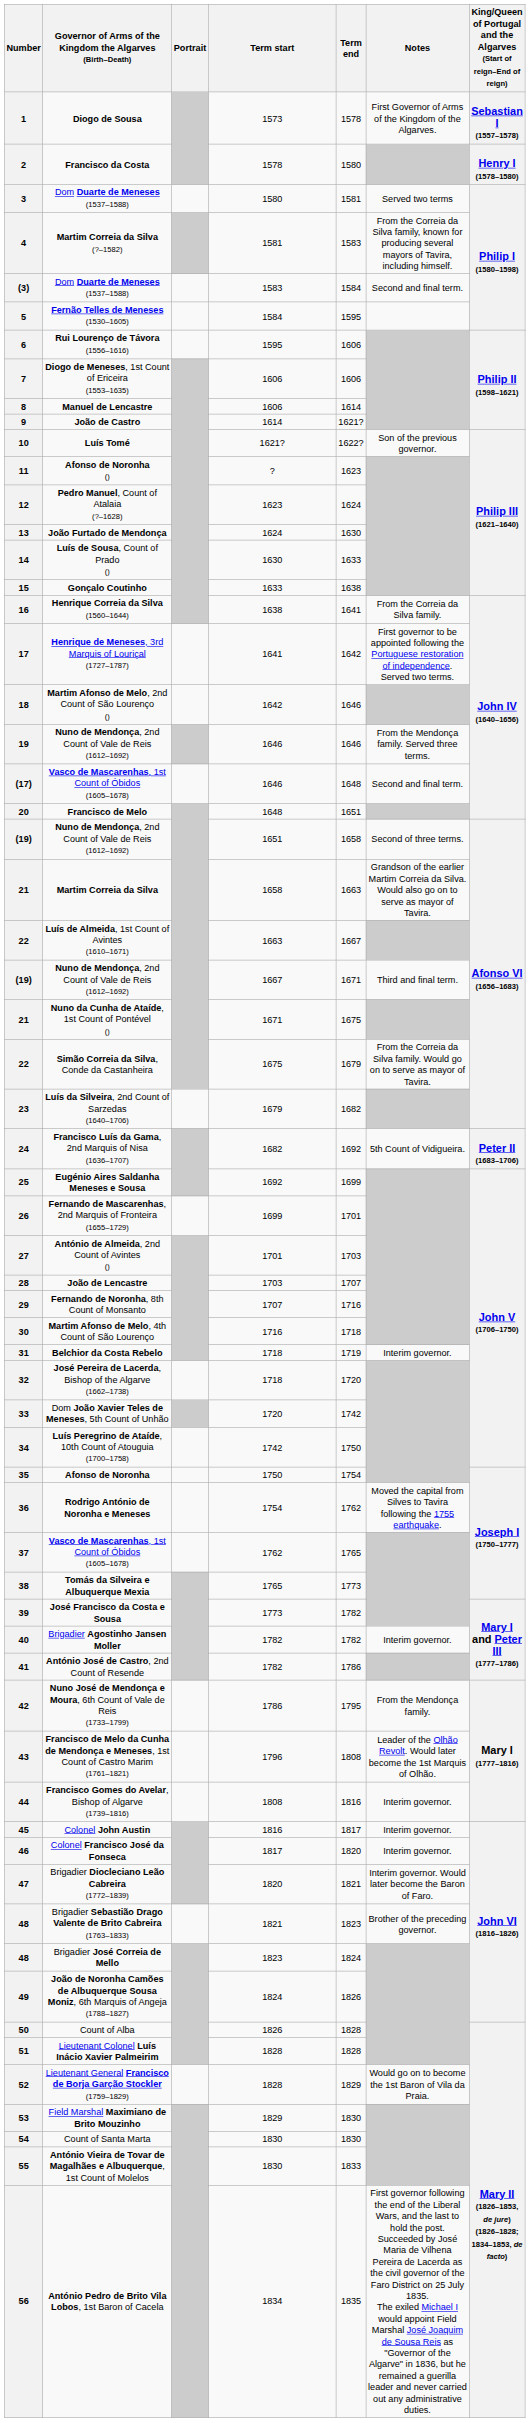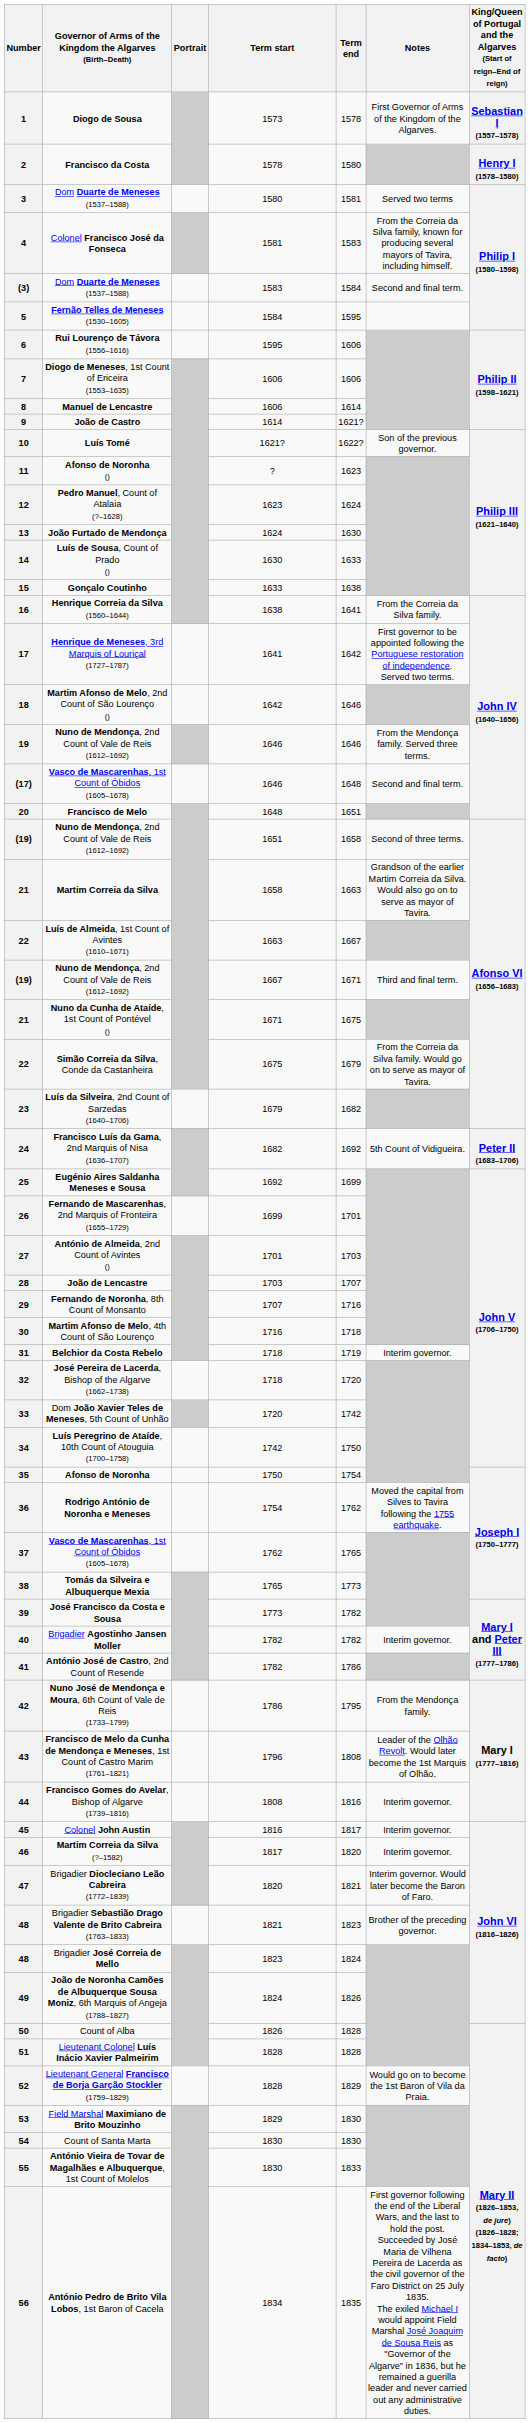 <table class="wikitable" style="text-align:center; font-size:95%; width=100%; line-height:19px;">
 <tr>
 <th width="1%">Number</th>
 <th width="25%">Governor of Arms of the Kingdom the Algarves<br><small>(Birth–Death)</small></th>
 <th width="5%">Portrait</th>
 <th width="25%">Term start</th>
 <th>Term end</th>
 <th width="20%">Notes</th>
 <th>King/Queen of Portugal and the Algarves<br><small>(Start of reign–End of reign)</small></th>
 </tr>
 <tr>
 <th>1</th>
 <td><strong>Diogo de Sousa</strong></td>
 <td rowspan="2" style="background-color: #ccc;"></td>
 <td>1573</td>
 <td>1578</td>
 <td>First Governor of Arms of the Kingdom of the Algarves.</td>
 <th><br><big><a href='#'>Sebastian I</a></big><br><small>(1557–1578)</small></th>
 </tr>
 <tr>
 <th>2</th>
 <td><strong>Francisco da Costa</strong></td>
 <td>1578</td>
 <td>1580</td>
 <td style="background-color: #ccc;"></td>
 <th><br><big><a href='#'>Henry I</a></big><br><small>(1578–1580)</small></th>
 </tr>
 <tr>
 <th>3</th>
 <td><a href='#'>Dom</a> <strong><a href='#'>Duarte de Meneses</a></strong><br><small>(1537–1588)</small></td>
 <td></td>
 <td>1580</td>
 <td>1581</td>
 <td>Served two terms</td>
 <th rowspan="5"><br><big><a href='#'>Philip I</a></big><br><small>(1580–1598)</small></th>
 </tr>
 <tr>
 <th>4</th>
-<td><strong>Martim Correia da Silva</strong><br><small>(</small><small>?–1582)</small></td>
+<td><a href='#'>Colonel</a> <strong>Francisco José da Fonseca</strong></td>
 <td style="background-color: #ccc;"></td>
 <td>1581</td>
 <td>1583</td>
 <td>From the Correia da Silva family, known for producing several mayors of Tavira, including himself.</td>
 </tr>
 <tr>
 <th>(3)</th>
 <td><a href='#'>Dom</a> <strong><a href='#'>Duarte de Meneses</a></strong><br><small>(1537–1588)</small></td>
 <td></td>
 <td>1583</td>
 <td>1584</td>
 <td>Second and final term.</td>
 </tr>
 <tr>
 <th>5</th>
 <td><a href='#'><strong>Fernão Telles de Meneses</strong></a><br><small>(1530–1605)</small></td>
 <td></td>
 <td>1584</td>
 <td>1595</td>
 <td></td>
 </tr>
 <tr>
 <th rowspan="2">6</th>
 <td rowspan="2"><strong>Rui Lourenço de Távora</strong><br><small>(1556–1616)</small></td>
 <td rowspan="2"></td>
 <td rowspan="2">1595</td>
 <td rowspan="2">1606</td>
 <td rowspan="5" style="background-color: #ccc;"></td>
 </tr>
 <tr>
 <th rowspan="4"><br><big><a href='#'>Philip II</a></big><br><small>(1598–1621)</small></th>
 </tr>
 <tr>
 <th>7</th>
 <td><strong>Diogo de Meneses</strong>, 1st Count of Ericeira<br><small>(</small><small>1553–1635)</small></td>
 <td rowspan="11" style="background-color: #ccc;"></td>
 <td>1606</td>
 <td>1606</td>
 </tr>
 <tr>
 <th>8</th>
 <td><strong>Manuel de Lencastre</strong></td>
 <td>1606</td>
 <td>1614</td>
 </tr>
 <tr>
 <th>9</th>
 <td><strong>João de Castro</strong></td>
 <td>1614</td>
 <td>1621?</td>
 </tr>
 <tr>
 <th>10</th>
 <td><strong>Luís Tomé</strong></td>
 <td>1621?</td>
 <td>1622?</td>
 <td>Son of the previous governor.</td>
 <th rowspan="7"><br><big><a href='#'>Philip III</a></big><br><small>(1621–1640)</small></th>
 </tr>
 <tr>
 <th>11</th>
 <td><strong>Afonso de Noronha</strong><br><small>()</small></td>
 <td>?</td>
 <td>1623</td>
 <td rowspan="5" style="background-color: #ccc;"></td>
 </tr>
 <tr>
 <th>12</th>
 <td><strong>Pedro Manuel</strong>, Count of Atalaia<br><small>(?–1628)</small></td>
 <td>1623</td>
 <td>1624</td>
 </tr>
 <tr>
 <th>13</th>
 <td><strong>João Furtado de Mendonça</strong></td>
 <td>1624</td>
 <td>1630</td>
 </tr>
 <tr>
 <th>14</th>
 <td><strong>Luís de Sousa</strong>, Count of Prado<br><small>()</small></td>
 <td>1630</td>
 <td>1633</td>
 </tr>
 <tr>
 <th>15</th>
 <td><strong>Gonçalo Coutinho</strong></td>
 <td>1633</td>
 <td>1638</td>
 </tr>
 <tr>
 <th rowspan="2">16</th>
 <td rowspan="2"><strong>Henrique Correia da Silva</strong><br><small>(1560–1644)</small></td>
 <td rowspan="2">1638</td>
 <td rowspan="2">1641</td>
 <td rowspan="2">From the Correia da Silva family.</td>
 </tr>
 <tr>
 <th rowspan="7"><br><big><a href='#'>John IV</a></big><br><small>(1640–1656)</small></th>
 </tr>
 <tr>
 <th>17</th>
 <td><a href='#'><strong>Henrique de Meneses</strong>, 3rd Marquis of Louriçal</a><br><small>(</small><small>1727–1787)</small></td>
 <td></td>
 <td>1641</td>
 <td>1642</td>
 <td>First governor to be appointed following the <a href='#'>Portuguese restoration of independence</a>. Served two terms.</td>
 </tr>
 <tr>
 <th>18</th>
 <td><strong>Martim Afonso de Melo</strong>, 2nd Count of São Lourenço<br><small>()</small></td>
 <td></td>
 <td>1642</td>
 <td>1646</td>
 <td style="background-color: #ccc;"></td>
 </tr>
 <tr>
 <th>19</th>
 <td><strong>Nuno de Mendonça</strong>, 2nd Count of Vale de Reis<br><small>(1612–1692)</small></td>
 <td style="background-color: #ccc;"></td>
 <td>1646</td>
 <td>1646</td>
 <td>From the Mendonça family. Served three terms.</td>
 </tr>
 <tr>
 <th>(17)</th>
 <td><a href='#'><strong>Vasco de Mascarenhas</strong>, 1st Count of Óbidos</a><br><small>(1605–1678)</small></td>
 <td></td>
 <td>1646</td>
 <td>1648</td>
 <td>Second and final term.</td>
 </tr>
 <tr>
 <th>20</th>
 <td><strong>Francisco de Melo</strong></td>
 <td rowspan="8" style="background-color: #ccc;"></td>
 <td>1648</td>
 <td>1651</td>
 <td style="background-color: #ccc;"></td>
 </tr>
 <tr>
 <th rowspan="2">(19)</th>
 <td rowspan="2"><strong>Nuno de Mendonça</strong>, 2nd Count of Vale de Reis<br><small>(1612–1692)</small></td>
 <td rowspan="2">1651</td>
 <td rowspan="2">1658</td>
 <td rowspan="2">Second of three terms.</td>
 </tr>
 <tr>
 <th rowspan="8"><br><big><a href='#'>Afonso VI</a></big><br><small>(1656–1683)</small></th>
 </tr>
 <tr>
 <th>21</th>
 <td><strong>Martim Correia da Silva</strong></td>
 <td>1658</td>
 <td>1663</td>
 <td>Grandson of the earlier Martim Correia da Silva. Would also go on to serve as mayor of Tavira.</td>
 </tr>
 <tr>
 <th>22</th>
 <td><strong>Luís de Almeida</strong>, 1st Count of Avintes<br><small>(1610–1671)</small></td>
 <td>1663</td>
 <td>1667</td>
 <td style="background-color: #ccc;"></td>
 </tr>
 <tr>
 <th>(19)</th>
 <td><strong>Nuno de Mendonça</strong>, 2nd Count of Vale de Reis<br><small>(1612–1692)</small></td>
 <td>1667</td>
 <td>1671</td>
 <td>Third and final term.</td>
 </tr>
 <tr>
 <th>21</th>
 <td><strong>Nuno da Cunha de Ataíde</strong>, 1st Count of Pontével<br><small>()</small></td>
 <td>1671</td>
 <td>1675</td>
 <td style="background-color: #ccc;"></td>
 </tr>
 <tr>
 <th>22</th>
 <td><strong>Simão Correia da Silva</strong>, Conde da Castanheira</td>
 <td>1675</td>
 <td>1679</td>
 <td>From the Correia da Silva family. Would go on to serve as mayor of Tavira.</td>
 </tr>
 <tr>
 <th>23</th>
 <td><strong>Luís da Silveira</strong>, 2nd Count of Sarzedas<br><small>(1640–1706)</small></td>
 <td></td>
 <td>1679</td>
 <td>1682</td>
 <td style="background-color: #ccc;"></td>
 </tr>
 <tr>
 <th rowspan="2">24</th>
 <td rowspan="2"><strong>Francisco Luís da Gama</strong>, 2nd Marquis of Nisa<br><small>(1636–1707)</small></td>
 <td rowspan="3" style="background-color: #ccc;"></td>
 <td rowspan="2">1682</td>
 <td rowspan="2">1692</td>
 <td rowspan="2">5th Count of Vidigueira.</td>
 </tr>
 <tr>
 <th><br><big><a href='#'>Peter II</a></big> <small>(1683–1706</small><small>)</small></th>
 </tr>
 <tr>
 <th>25</th>
 <td><strong>Eugénio Aires Saldanha Meneses e Sousa</strong></td>
 <td>1692</td>
 <td>1699</td>
 <td rowspan="6" style="background-color: #ccc;"></td>
 <th rowspan="10"><br><big><a href='#'>John V</a></big><br><small>(1706–1750)</small></th>
 </tr>
 <tr>
 <th>26</th>
 <td><strong>Fernando de Mascarenhas</strong>, 2nd Marquis of Fronteira<br><small>(1655–</small><small>1729)</small></td>
 <td></td>
 <td>1699</td>
 <td>1701</td>
 </tr>
 <tr>
 <th>27</th>
 <td><strong>António de Almeida</strong>, 2nd Count of Avintes<br><small>()</small></td>
 <td rowspan="5" style="background-color: #ccc;"></td>
 <td>1701</td>
 <td>1703</td>
 </tr>
 <tr>
 <th>28</th>
 <td><strong>João de Lencastre</strong></td>
 <td>1703</td>
 <td>1707</td>
 </tr>
 <tr>
 <th>29</th>
 <td><strong>Fernando de Noronha</strong>, 8th Count of Monsanto</td>
 <td>1707</td>
 <td>1716</td>
 </tr>
 <tr>
 <th>30</th>
 <td><strong>Martim Afonso de Melo</strong>, 4th Count of São Lourenço</td>
 <td>1716</td>
 <td>1718</td>
 </tr>
 <tr>
 <th>31</th>
 <td><strong>Belchior da Costa Rebelo</strong></td>
 <td>1718</td>
 <td>1719</td>
 <td>Interim governor.</td>
 </tr>
 <tr>
 <th>32</th>
 <td><strong>José Pereira de Lacerda</strong>, Bishop of the Algarve<br><small>(1662–1738)</small></td>
 <td></td>
 <td>1718</td>
 <td>1720</td>
 <td rowspan="4" style="background-color: #ccc;"></td>
 </tr>
 <tr>
 <th>33</th>
 <td>Dom <strong>João Xavier Teles de Meneses</strong>, 5th Count of Unhão</td>
 <td style="background-color: #ccc;"></td>
 <td>1720</td>
 <td>1742</td>
 </tr>
 <tr>
 <th>34</th>
 <td><strong>Luís Peregrino de Ataíde</strong>, 10th Count of Atouguia<br><small>(1700–</small><small>1758)</small></td>
 <td></td>
 <td>1742</td>
 <td>1750</td>
 </tr>
 <tr>
 <th>35</th>
 <td><strong>Afonso de Noronha</strong></td>
 <td></td>
 <td>1750</td>
 <td>1754</td>
 <th rowspan="5"><br><a href='#'><big>Joseph I</big></a><br><small>(1750–1777)</small></th>
 </tr>
 <tr>
 <th>36</th>
 <td><strong>Rodrigo António de Noronha e Meneses</strong></td>
 <td></td>
 <td>1754</td>
 <td>1762</td>
 <td>Moved the capital from Silves to Tavira following the <a href='#'>1755 earthquake</a>.</td>
 </tr>
 <tr>
 <th>37</th>
 <td><a href='#'><strong>Vasco de Mascarenhas</strong>, 1st Count of Óbidos</a><br><small>(1605–1678)</small></td>
 <td></td>
 <td>1762</td>
 <td>1765</td>
 <td rowspan="4" style="background-color: #ccc;"></td>
 </tr>
 <tr>
 <th>38</th>
 <td><strong>Tomás da Silveira e Albuquerque Mexia</strong></td>
 <td rowspan="5" style="background-color: #ccc;"></td>
 <td>1765</td>
 <td>1773</td>
 </tr>
 <tr>
 <th rowspan="2">39</th>
 <td rowspan="2"><strong>José Francisco da Costa e Sousa</strong></td>
 <td rowspan="2">1773</td>
 <td rowspan="2">1782</td>
 </tr>
 <tr>
 <th rowspan="3"><br><big><a href='#'>Mary I</a> and <a href='#'>Peter III</a></big><br><small>(1777–1786)</small></th>
 </tr>
 <tr>
 <th>40</th>
 <td><a href='#'>Brigadier</a> <strong>Agostinho Jansen Moller</strong></td>
 <td>1782</td>
 <td>1782</td>
 <td>Interim governor.</td>
 </tr>
 <tr>
 <th>41</th>
 <td><strong>António José de Castro</strong>, 2nd Count of Resende</td>
 <td>1782</td>
 <td>1786</td>
 <td style="background-color: #ccc;"></td>
 </tr>
 <tr>
 <th>42</th>
 <td><strong>Nuno José de Mendonça e Moura</strong>, 6th Count of Vale de Reis<br><small>(</small><small>1733–1799)</small></td>
 <td></td>
 <td>1786</td>
 <td>1795</td>
 <td>From the Mendonça family.</td>
 <th rowspan="3"><br><big>Mary I</big><br><small>(1777–1816)</small></th>
 </tr>
 <tr>
 <th>43</th>
 <td><strong>Francisco de Melo da Cunha de Mendonça e Meneses</strong>, 1st Count of Castro Marim<br><small>(</small><small>1761–1821)</small></td>
 <td></td>
 <td>1796</td>
 <td>1808</td>
 <td>Leader of the <a href='#'>Olhão Revolt</a>. Would later become the 1st Marquis of Olhão.</td>
 </tr>
 <tr>
 <th>44</th>
 <td><strong>Francisco Gomes do Avelar</strong>, Bishop of Algarve<br><small>(1739–1816)</small></td>
 <td></td>
 <td>1808</td>
 <td>1816</td>
 <td>Interim governor.</td>
 </tr>
 <tr>
 <th>45</th>
 <td><a href='#'>Colonel</a> <strong>John Austin</strong></td>
 <td rowspan="3" style="background-color: #ccc;"></td>
 <td>1816</td>
 <td>1817</td>
 <td>Interim governor.</td>
 <th rowspan="6"><br><big><a href='#'>John VI</a></big><br><small>(1816–1826)</small></th>
 </tr>
 <tr>
 <th>46</th>
-<td><a href='#'>Colonel</a> <strong>Francisco José da Fonseca</strong></td>
+<td><strong>Martim Correia da Silva</strong><br><small>(</small><small>?–1582)</small></td>
 <td>1817</td>
 <td>1820</td>
 <td>Interim governor.</td>
 </tr>
 <tr>
 <th>47</th>
 <td>Brigadier <strong>Diocleciano Leão Cabreira</strong><br><small>(1772–1839)</small></td>
 <td>1820</td>
 <td>1821</td>
 <td>Interim governor. Would later become the Baron of Faro.</td>
 </tr>
 <tr>
 <th>48</th>
 <td>Brigadier <strong>Sebastião Drago Valente de Brito Cabreira</strong><br><small>(</small><small>1763–1833)</small></td>
 <td></td>
 <td>1821</td>
 <td>1823</td>
 <td>Brother of the preceding governor.</td>
 </tr>
 <tr>
 <th>48</th>
 <td>Brigadier <strong>José Correia de Mello</strong></td>
 <td rowspan="4" style="background-color: #ccc;"></td>
 <td>1823</td>
 <td>1824</td>
 <td rowspan="4" style="background-color: #ccc;"></td>
 </tr>
 <tr>
 <th>49</th>
 <td><strong>João de Noronha Camões de Albuquerque Sousa Moniz</strong>, 6th Marquis of Angeja<br><small>(1788–1827)</small></td>
 <td>1824</td>
 <td>1826</td>
 </tr>
 <tr>
 <th>50</th>
 <td>Count of Alba</td>
 <td>1826</td>
 <td>1828</td>
 <th rowspan="7"><br><a href='#'><big>Mary II</big></a><br><small>(1826–1853, <em>de jure</em>)</small><br><small>(1826–1828; 1834–1853, <em>de facto</em>)</small></th>
 </tr>
 <tr>
 <th>51</th>
 <td><a href='#'>Lieutenant Colonel</a> <strong>Luís Inácio Xavier Palmeirim</strong></td>
 <td>1828</td>
 <td>1828</td>
 </tr>
 <tr>
 <th>52</th>
 <td><a href='#'>Lieutenant General</a> <strong><a href='#'>Francisco de Borja Garção Stockler</a></strong><br><small>(</small><small>1759–1829)</small></td>
 <td></td>
 <td>1828</td>
 <td>1829</td>
 <td>Would go on to become the 1st Baron of Vila da Praia.</td>
 </tr>
 <tr>
 <th>53</th>
 <td><a href='#'>Field Marshal</a> <strong>Maximiano de Brito Mouzinho</strong></td>
 <td rowspan="4" style="background-color: #ccc;"></td>
 <td>1829</td>
 <td>1830</td>
 <td rowspan="3" style="background-color: #ccc;"></td>
 </tr>
 <tr>
 <th>54</th>
 <td>Count of Santa Marta</td>
 <td>1830</td>
 <td>1830</td>
 </tr>
 <tr>
 <th>55</th>
 <td><strong>António Vieira de Tovar de Magalhães e Albuquerque</strong>, 1st Count of Molelos</td>
 <td>1830</td>
 <td>1833</td>
 </tr>
 <tr>
 <th>56</th>
 <td><strong>António Pedro de Brito Vila Lobos</strong>, 1st Baron of Cacela</td>
 <td>1834</td>
 <td>1835</td>
 <td>First governor following the end of the Liberal Wars, and the last to hold the post. Succeeded by José Maria de Vilhena Pereira de Lacerda as the civil governor of the Faro District on 25 July 1835.<br>The exiled <a href='#'>Michael I</a> would appoint Field Marshal <a href='#'>José Joaquim de Sousa Reis</a> as "Governor of the Algarve" in 1836, but he remained a guerilla leader and never carried out any administrative duties.</td>
 </tr>
 </table>
